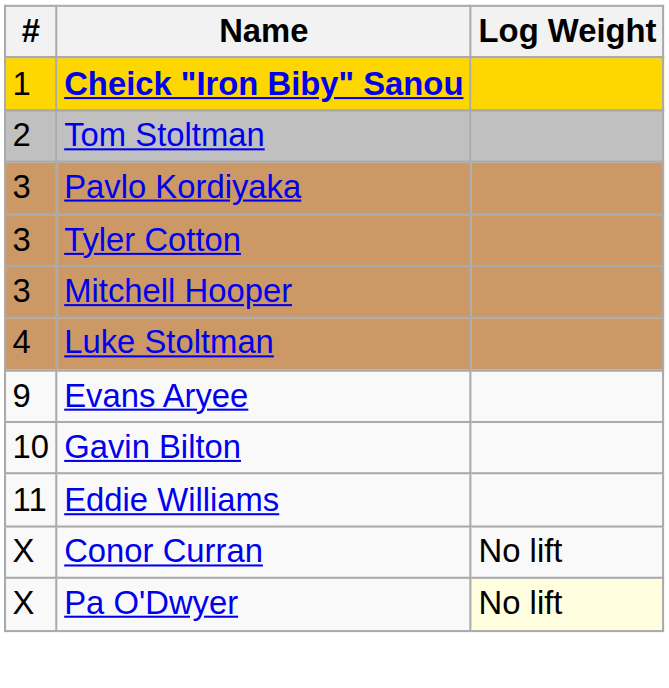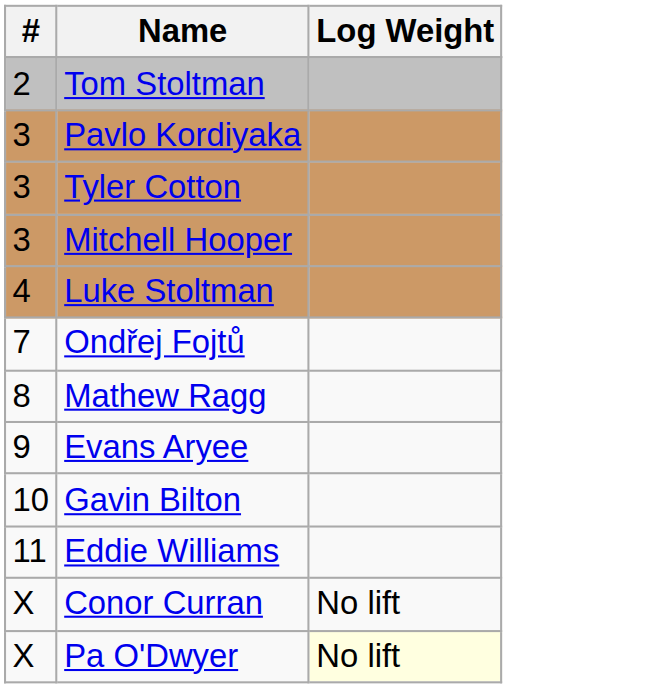 <table class="wikitable" style="display: inline-table">
 <tr>
 <th>#</th>
 <th>Name</th>
 <th>Log Weight</th>
 </tr>
 <tr>
-</tr>
-<tr style="background:gold;">
-<td>1</td>
-<td> <strong><a href='#'>Cheick "Iron Biby" Sanou</a></strong></td>
-<td></td>
 </tr>
 <tr>
 </tr>
 <tr style="background:silver;">
 <td>2</td>
 <td> <a href='#'>Tom Stoltman</a></td>
 <td></td>
 </tr>
 <tr style="background:#c96;">
 <td>3</td>
 <td> <a href='#'>Pavlo Kordiyaka</a></td>
 <td></td>
 </tr>
 <tr style="background:#c96;">
 <td>3</td>
 <td> <a href='#'>Tyler Cotton</a></td>
 <td></td>
 </tr>
 <tr style="background:#c96;">
 <td>3</td>
 <td> <a href='#'>Mitchell Hooper</a></td>
 <td></td>
 </tr>
 <tr style="background:#c96;">
 <td>4</td>
 <td> <a href='#'>Luke Stoltman</a></td>
 <td></td>
 </tr>
 <tr>
+<td>7</td>
+<td> <a href='#'>Ondřej Fojtů</a></td>
+<td></td>
+</tr>
+<tr>
+<td>8</td>
+<td> <a href='#'>Mathew Ragg</a></td>
+<td></td>
+</tr>
+<tr>
 <td>9</td>
 <td> <a href='#'>Evans Aryee</a></td>
 <td></td>
 </tr>
 <tr>
 <td>10</td>
 <td> <a href='#'>Gavin Bilton</a></td>
 <td></td>
 </tr>
 <tr>
 <td>11</td>
 <td> <a href='#'>Eddie Williams</a></td>
 <td></td>
 </tr>
 <tr>
 <td>X</td>
 <td> <a href='#'>Conor Curran</a></td>
 <td>No lift</td>
 </tr>
 <tr>
 <td>X</td>
 <td> <a href='#'>Pa O'Dwyer</a></td>
 <td style="background: lightyellow;">No lift</td>
 </tr>
 </table>
